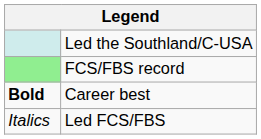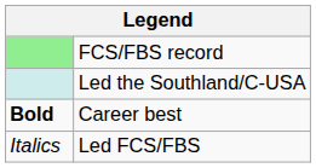 <table class="wikitable">
 <tr>
 <th colspan="2">Legend</th>
 </tr>
 <tr>
+<td bgcolor=lightgreen width=3em></td>
+<td>FCS/FBS record</td>
+</tr>
+<tr>
 <td style="background:#cfecec; width:3em;"></td>
 <td>Led the Southland/C-USA<br></td>
-</tr>
-<tr>
-<td bgcolor=lightgreen width=3em></td>
-<td>FCS/FBS record</td>
 </tr>
 <tr>
 <td><strong>Bold</strong></td>
 <td>Career best</td>
 </tr>
 <tr>
 <td><em>Italics</em></td>
 <td>Led FCS/FBS</td>
 </tr>
 </table>
